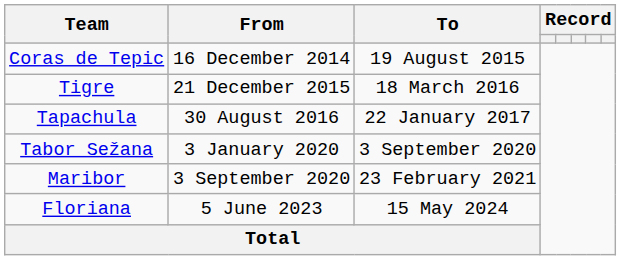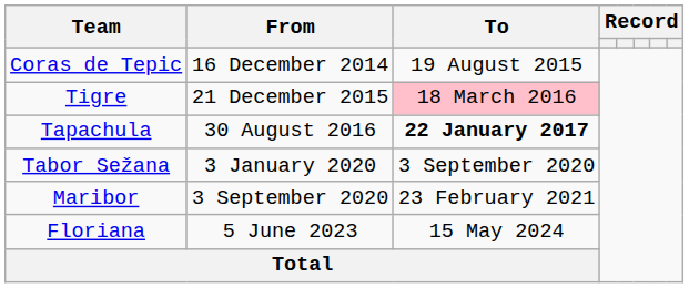 <table class="wikitable" style="text-align: center">
 <tr>
 <th rowspan="2">Team</th>
 <th rowspan="2">From</th>
 <th rowspan="2">To</th>
 <th colspan="8">Record</th>
 </tr>
 <tr>
 <th></th>
 <th></th>
 <th></th>
 <th></th>
 <th></th>
 </tr>
 <tr>
 <td><a href='#'>Coras de Tepic</a></td>
 <td>16 December 2014</td>
 <td>19 August 2015<br></td>
 </tr>
 <tr>
 <td><a href='#'>Tigre</a></td>
 <td>21 December 2015</td>
-<td>18 March 2016<br></td>
+<td style="background: pink;">18 March 2016<br></td>
 </tr>
 <tr>
 <td><a href='#'>Tapachula</a></td>
 <td>30 August 2016</td>
-<td>22 January 2017<br></td>
+<td><strong>22 January 2017<br></strong></td>
 </tr>
 <tr>
 <td><a href='#'>Tabor Sežana</a></td>
 <td>3 January 2020</td>
 <td>3 September 2020<br></td>
 </tr>
 <tr>
 <td><a href='#'>Maribor</a></td>
 <td>3 September 2020</td>
 <td>23 February 2021<br></td>
 </tr>
 <tr>
 <td><a href='#'>Floriana</a></td>
 <td>5 June 2023</td>
 <td>15 May 2024<br></td>
 </tr>
 <tr>
 <th colspan="3">Total<br></th>
 </tr>
 </table>
